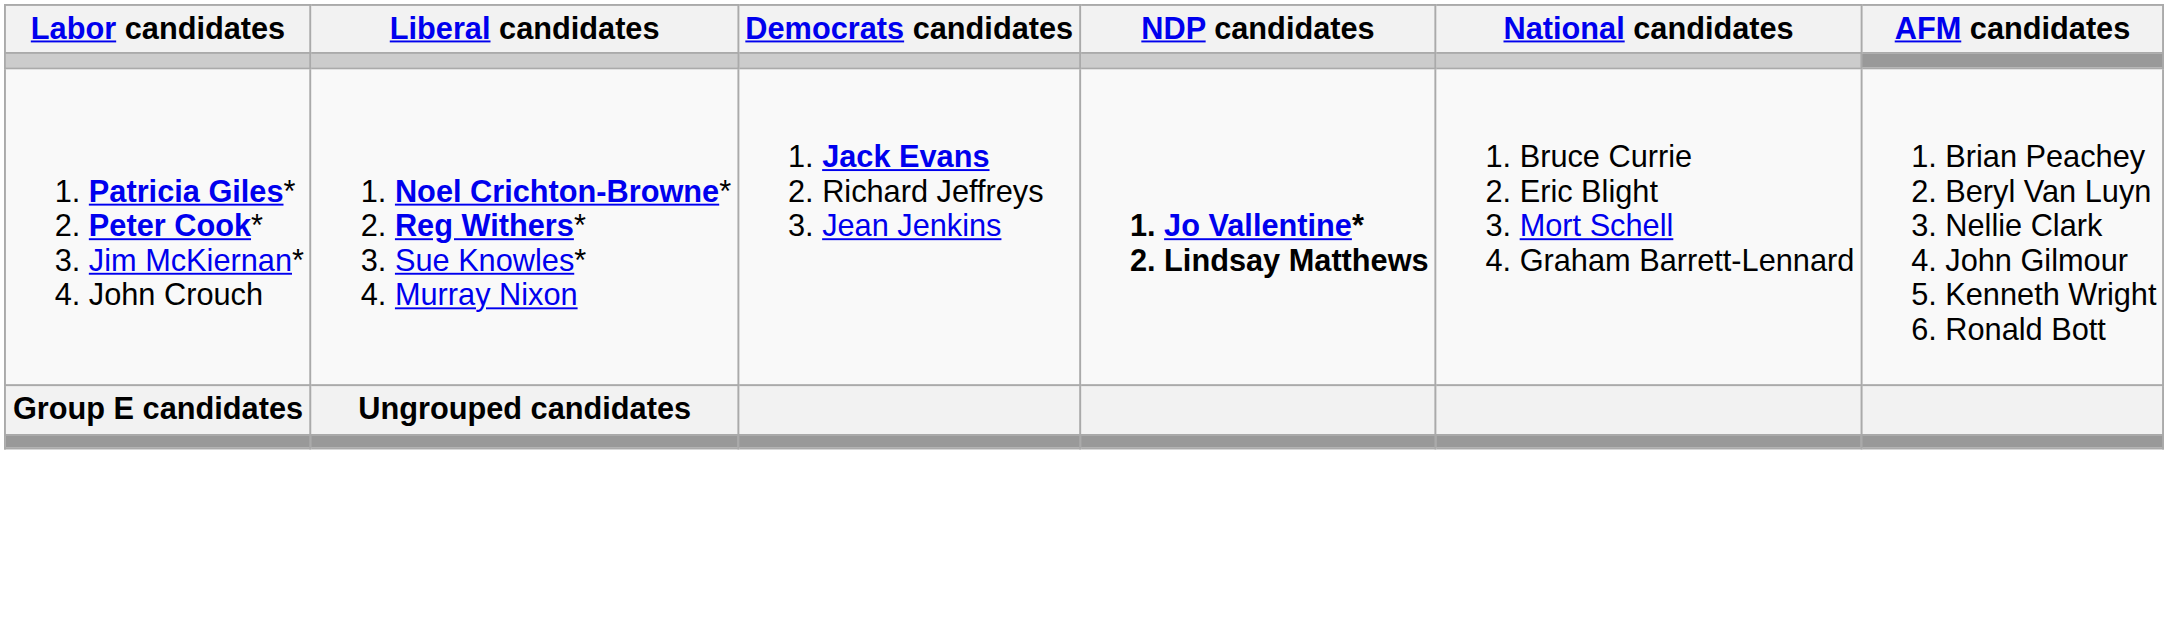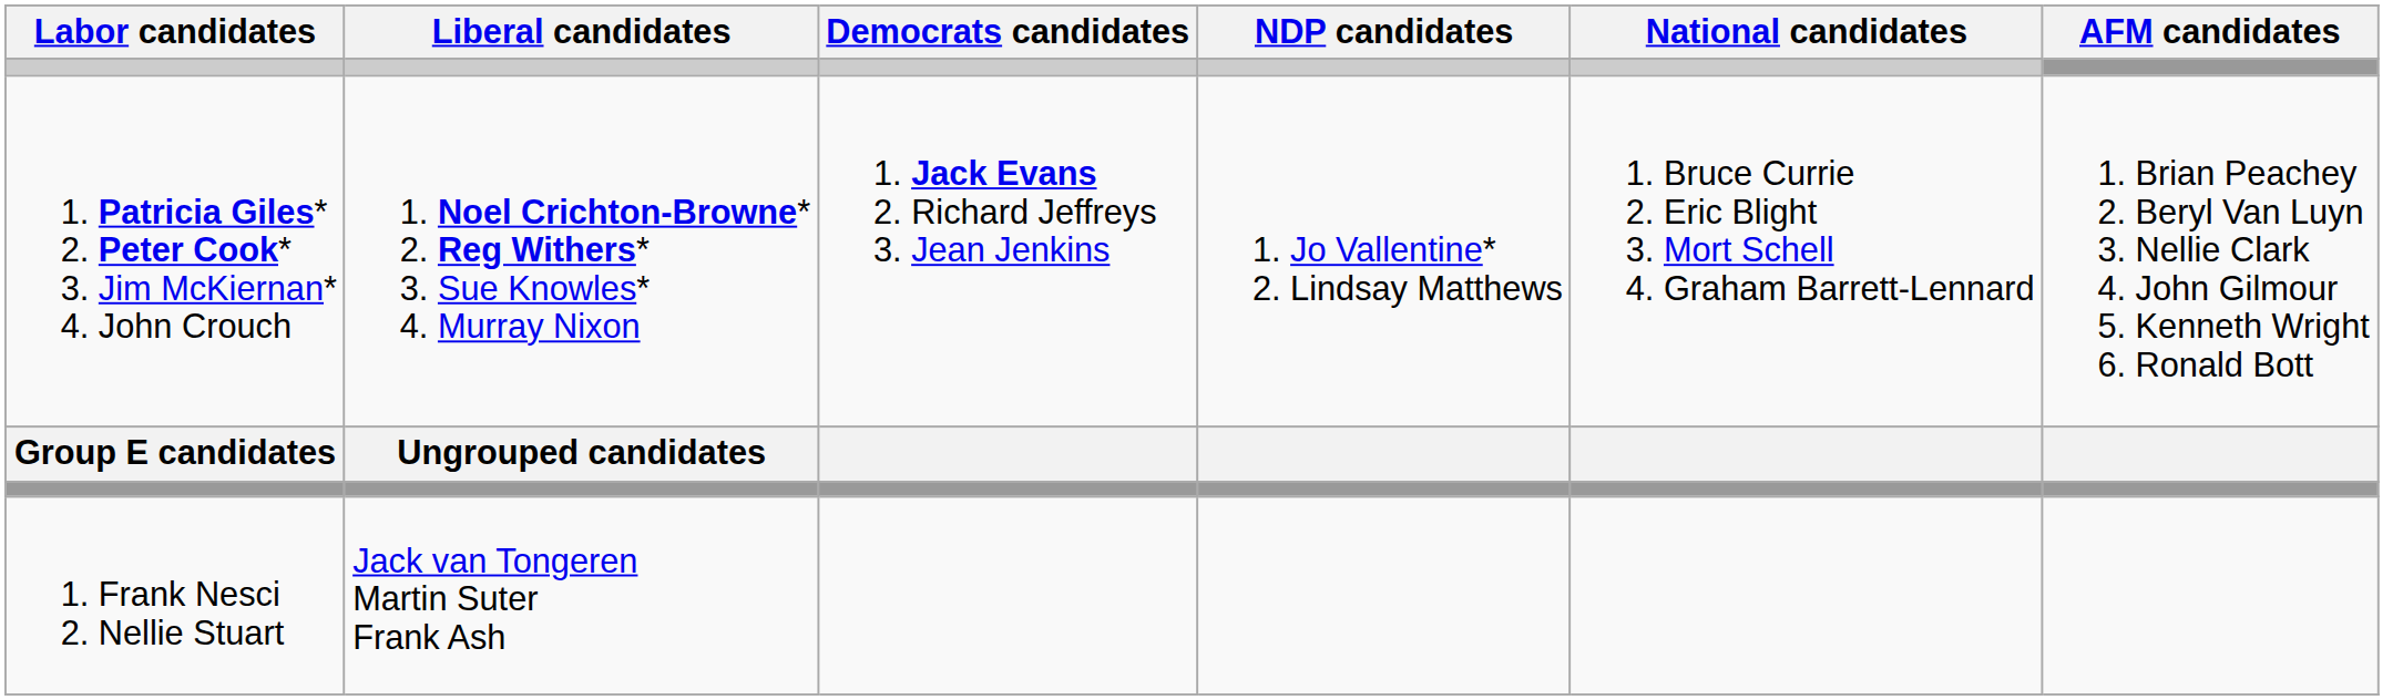 <table class="wikitable">
 <tr>
 <th><a href='#'>Labor</a> candidates</th>
 <th><a href='#'>Liberal</a> candidates</th>
 <th><a href='#'>Democrats</a> candidates</th>
 <th><a href='#'>NDP</a> candidates</th>
 <th><a href='#'>National</a> candidates</th>
 <th><a href='#'>AFM</a> candidates</th>
 </tr>
 <tr bgcolor="#cccccc">
 <td></td>
 <td></td>
 <td></td>
 <td></td>
 <td></td>
 <td bgcolor="#999999"></td>
 </tr>
 <tr>
 <td><br><ol><li><strong><a href='#'>Patricia Giles</a></strong>*</li><li><strong><a href='#'>Peter Cook</a></strong>*</li><li><a href='#'>Jim McKiernan</a>*</li><li>John Crouch</li></ol></td>
 <td><br><ol><li><strong><a href='#'>Noel Crichton-Browne</a></strong>*</li><li><strong><a href='#'>Reg Withers</a></strong>*</li><li><a href='#'>Sue Knowles</a>*</li><li><a href='#'>Murray Nixon</a></li></ol></td>
 <td valign=top><br><ol><li><strong><a href='#'>Jack Evans</a></strong></li><li>Richard Jeffreys</li><li><a href='#'>Jean Jenkins</a></li></ol></td>
-<td><strong><br><ol><li><a href='#'>Jo Vallentine</a>*</li><li>Lindsay Matthews</li></ol></strong></td>
+<td><br><ol><li><a href='#'>Jo Vallentine</a>*</li><li>Lindsay Matthews</li></ol></td>
 <td valign=top><br><ol><li>Bruce Currie</li><li>Eric Blight</li><li><a href='#'>Mort Schell</a></li><li>Graham Barrett-Lennard</li></ol></td>
 <td valign=top><br><ol><li>Brian Peachey</li><li>Beryl Van Luyn</li><li>Nellie Clark</li><li>John Gilmour</li><li>Kenneth Wright</li><li>Ronald Bott</li></ol></td>
 </tr>
 <tr bgcolor="#cccccc">
 <th>Group E candidates</th>
 <th>Ungrouped candidates</th>
 <th></th>
 <th></th>
 <th></th>
 <th></th>
 </tr>
 <tr bgcolor="#cccccc">
 <td bgcolor="#999999"></td>
 <td bgcolor="#999999"></td>
 <td bgcolor="#999999"></td>
 <td bgcolor="#999999"></td>
 <td bgcolor="#999999"></td>
 <td bgcolor="#999999"></td>
 </tr>
+<tr>
+<td valign=top><br><ol><li>Frank Nesci</li><li>Nellie Stuart</li></ol></td>
+<td valign=top><br><a href='#'>Jack van Tongeren</a><br> Martin Suter<br> Frank Ash</td>
+<td valign=top></td>
+<td valign=top></td>
+<td valign=top></td>
+<td valign=top></td>
+</tr>
 </table>
